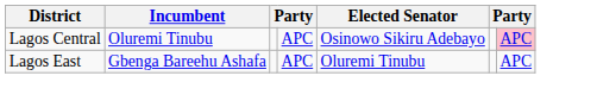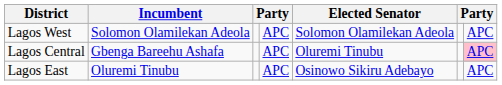 <table class="sortable wikitable" style="font-size:95%;line-height:14px;">
 <tr>
 <th class="unsortable">District</th>
 <th class="unsortable"><a href='#'>Incumbent</a></th>
 <th colspan="2">Party</th>
 <th class="unsortable">Elected Senator</th>
 <th colspan="2">Party</th>
 </tr>
 <tr>
+<td>Lagos West</td>
+<td><a href='#'>Solomon Olamilekan Adeola</a></td>
+<td style="background:"></td>
+<td><a href='#'>APC</a></td>
+<td><a href='#'>Solomon Olamilekan Adeola</a></td>
+<td style="background:"></td>
+<td><a href='#'>APC</a></td>
+</tr>
+<tr>
 <td>Lagos Central</td>
+<td><a href='#'>Gbenga Bareehu Ashafa</a></td>
+<td style="background:"></td>
+<td><a href='#'>APC</a></td>
+<td><a href='#'>Oluremi Tinubu</a></td>
+<td style="background:"></td>
+<td style="background: pink;"><a href='#'>APC</a></td>
+</tr>
+<tr>
+<td>Lagos East</td>
 <td><a href='#'>Oluremi Tinubu</a></td>
 <td style="background:"></td>
 <td><a href='#'>APC</a></td>
 <td><a href='#'>Osinowo Sikiru Adebayo</a></td>
 <td style="background:"></td>
-<td style="background: pink;"><a href='#'>APC</a></td>
-</tr>
-<tr>
-<td>Lagos East</td>
-<td><a href='#'>Gbenga Bareehu Ashafa</a></td>
-<td style="background:"></td>
-<td><a href='#'>APC</a></td>
-<td><a href='#'>Oluremi Tinubu</a></td>
-<td style="background:"></td>
 <td><a href='#'>APC</a></td>
 </tr>
 </table>
